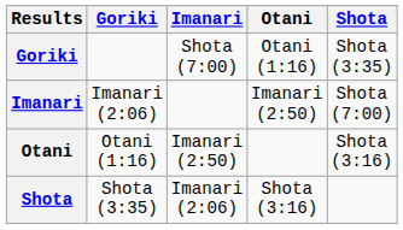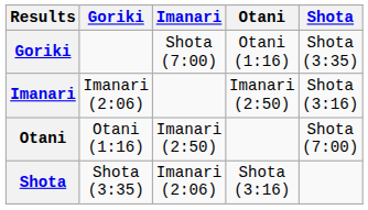 <table class="wikitable" style="margin: 1em auto 1em auto">
 <tr align="center">
 <th>Results</th>
 <th><a href='#'>Goriki</a></th>
 <th><a href='#'>Imanari</a></th>
 <th>Otani</th>
 <th><a href='#'>Shota</a></th>
 </tr>
 <tr align="center">
 <th><a href='#'>Goriki</a></th>
 <td></td>
 <td>Shota<br>(7:00)</td>
 <td>Otani<br>(1:16)</td>
 <td>Shota<br>(3:35)</td>
 </tr>
 <tr align="center">
 <th><a href='#'>Imanari</a></th>
 <td>Imanari<br>(2:06)</td>
 <td></td>
 <td>Imanari<br>(2:50)</td>
-<td>Shota<br>(7:00)</td>
+<td>Shota<br>(3:16)</td>
 </tr>
 <tr align="center">
 <th>Otani</th>
 <td>Otani<br>(1:16)</td>
 <td>Imanari<br>(2:50)</td>
 <td></td>
-<td>Shota<br>(3:16)</td>
+<td>Shota<br>(7:00)</td>
 </tr>
 <tr align="center">
 <th><a href='#'>Shota</a></th>
 <td>Shota<br>(3:35)</td>
 <td>Imanari<br>(2:06)</td>
 <td>Shota<br>(3:16)</td>
 <td></td>
 </tr>
 </table>
